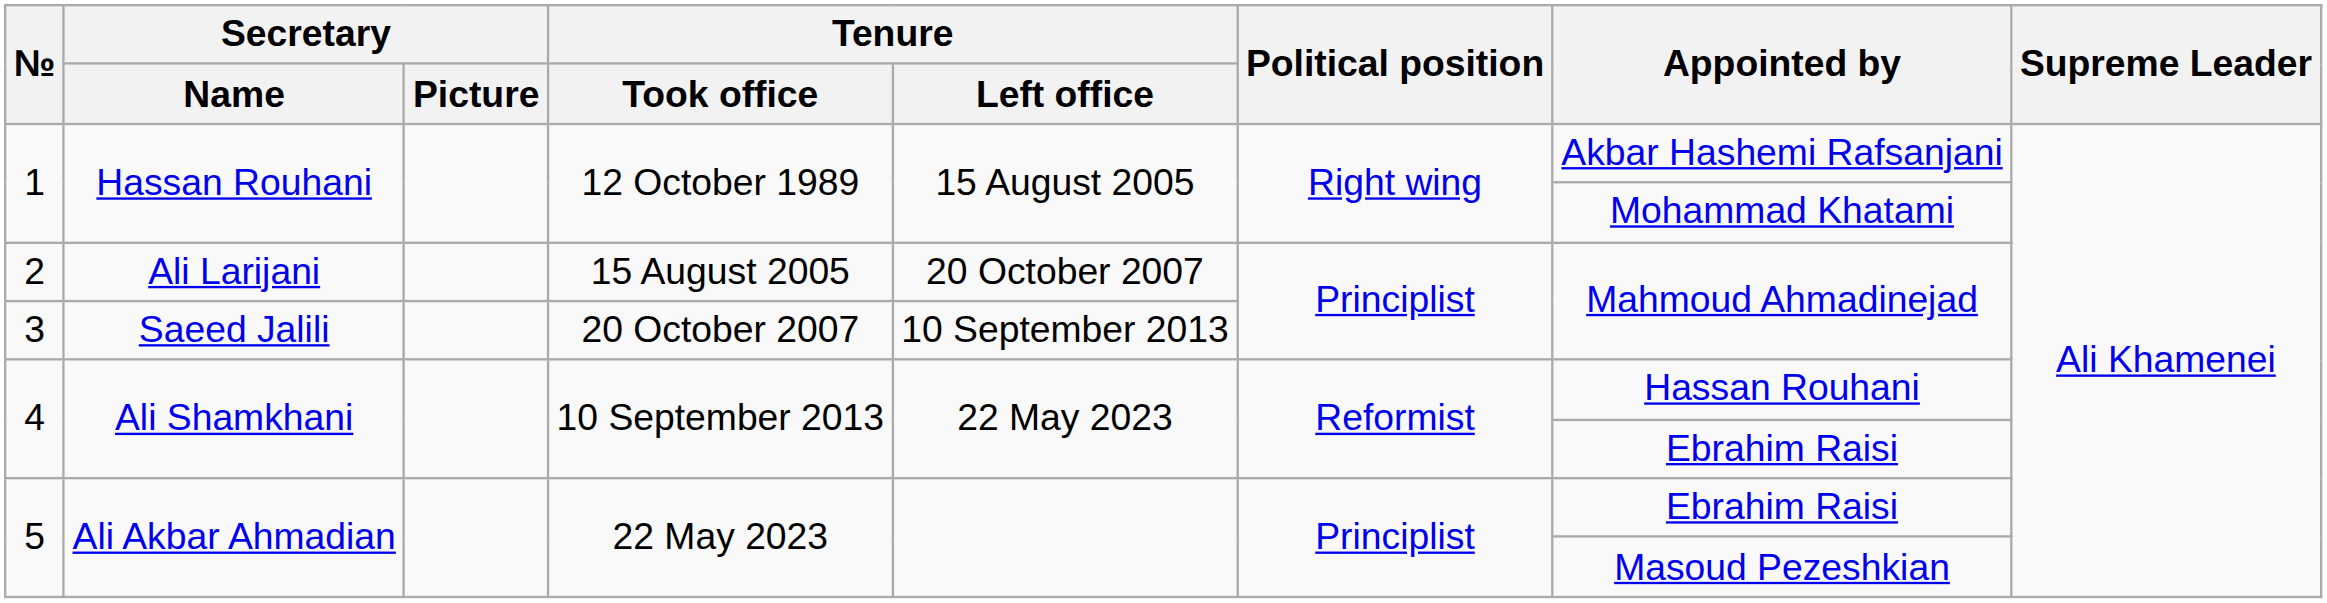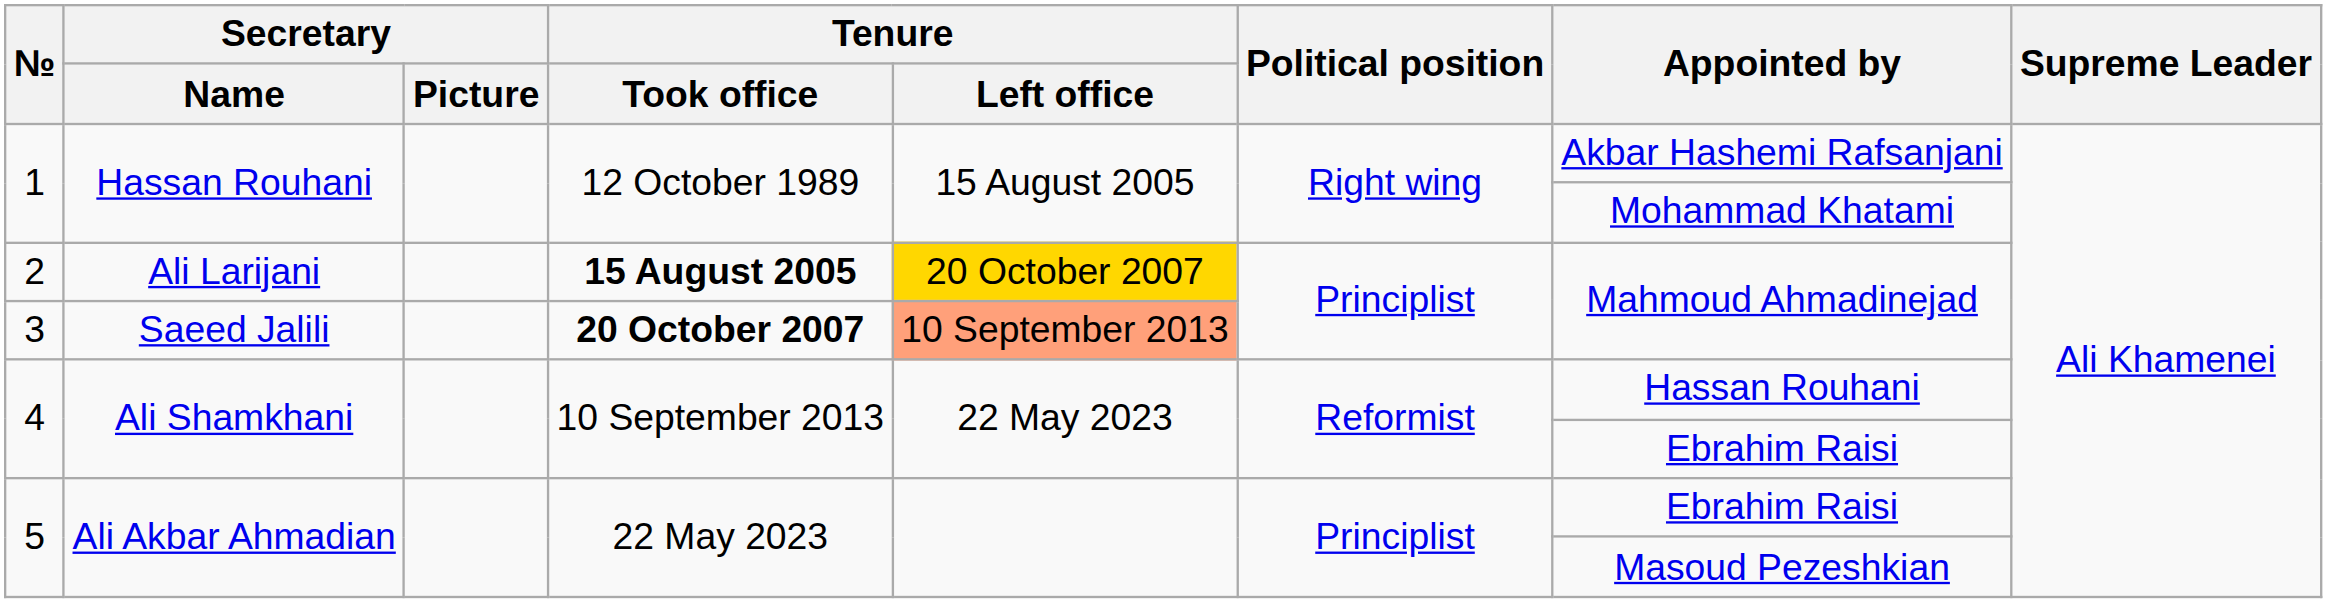 <table class="wikitable" style="text-align:center; border-collapse: collapse">
 <tr>
 <th rowspan=2>№</th>
 <th colspan=2>Secretary</th>
 <th colspan=2>Tenure</th>
 <th rowspan=2>Political position</th>
 <th rowspan=2>Appointed by</th>
 <th rowspan=2>Supreme Leader</th>
 </tr>
 <tr>
 <th>Name</th>
 <th>Picture</th>
 <th>Took office</th>
 <th>Left office</th>
 </tr>
 <tr>
 <td rowspan=2>1</td>
 <td rowspan=2><a href='#'>Hassan Rouhani</a></td>
 <td rowspan=2></td>
 <td rowspan=2>12 October 1989</td>
 <td rowspan=2>15 August 2005</td>
 <td rowspan=2><a href='#'>Right wing</a></td>
 <td><a href='#'>Akbar Hashemi Rafsanjani</a></td>
 <td rowspan=8><a href='#'>Ali Khamenei</a></td>
 </tr>
 <tr>
 <td><a href='#'>Mohammad Khatami</a></td>
 </tr>
 <tr>
 <td>2</td>
 <td><a href='#'>Ali Larijani</a></td>
 <td></td>
-<td>15 August 2005</td>
-<td>20 October 2007</td>
+<td><strong>15 August 2005</strong></td>
+<td style="background: gold;">20 October 2007</td>
 <td rowspan=2><a href='#'>Principlist</a></td>
 <td rowspan=2><a href='#'>Mahmoud Ahmadinejad</a></td>
 </tr>
 <tr>
 <td>3</td>
 <td><a href='#'>Saeed Jalili</a></td>
 <td></td>
-<td>20 October 2007</td>
-<td>10 September 2013</td>
+<td><strong>20 October 2007</strong></td>
+<td style="background: lightsalmon;">10 September 2013</td>
 </tr>
 <tr>
 <td rowspan=2>4</td>
 <td rowspan=2><a href='#'>Ali Shamkhani</a></td>
 <td rowspan=2></td>
 <td rowspan=2>10 September 2013</td>
 <td rowspan=2>22 May 2023</td>
 <td rowspan=2><a href='#'>Reformist</a></td>
 <td><a href='#'>Hassan Rouhani</a></td>
 </tr>
 <tr>
 <td><a href='#'>Ebrahim Raisi</a></td>
 </tr>
 <tr>
 <td rowspan=2>5</td>
 <td rowspan=2><a href='#'>Ali Akbar Ahmadian</a></td>
 <td rowspan=2></td>
 <td rowspan=2>22 May 2023</td>
 <td rowspan=2></td>
 <td rowspan=2><a href='#'>Principlist</a></td>
 <td><a href='#'>Ebrahim Raisi</a></td>
 </tr>
 <tr>
 <td><a href='#'>Masoud Pezeshkian</a></td>
 </tr>
 </table>
